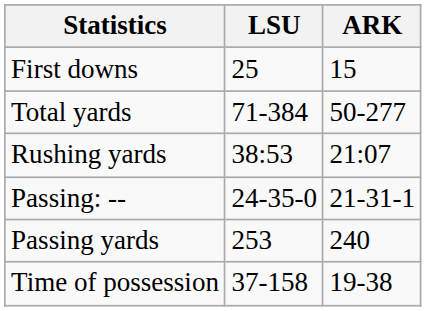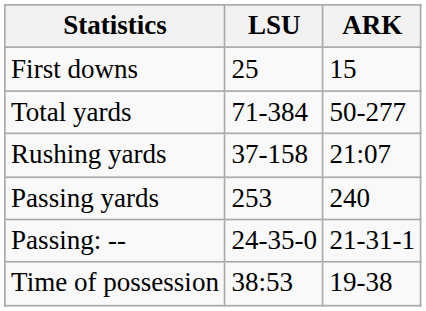 <table class="wikitable" style="float: left;">
 <tr>
 <th>Statistics</th>
 <th>LSU</th>
 <th>ARK</th>
 </tr>
 <tr>
 <td>First downs</td>
 <td>25</td>
 <td>15</td>
 </tr>
 <tr>
 <td>Total yards</td>
 <td>71-384</td>
 <td>50-277</td>
 </tr>
 <tr>
 <td>Rushing yards</td>
-<td>38:53</td>
+<td>37-158</td>
 <td>21:07</td>
+</tr>
+<tr>
+<td>Passing yards</td>
+<td>253</td>
+<td>240</td>
 </tr>
 <tr>
 <td>Passing: --</td>
 <td>24-35-0</td>
 <td>21-31-1</td>
 </tr>
 <tr>
-<td>Passing yards</td>
-<td>253</td>
-<td>240</td>
-</tr>
-<tr>
 <td>Time of possession</td>
-<td>37-158</td>
+<td>38:53</td>
 <td>19-38</td>
 </tr>
 </table>
